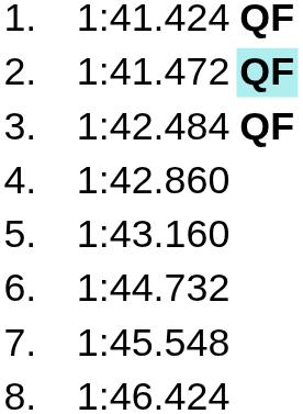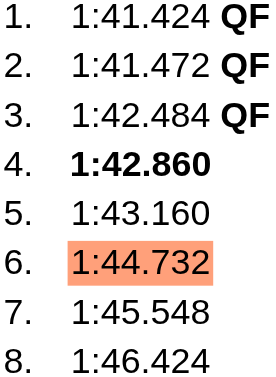 <table style="text-align:center">
 <tr>
 <td width=30>1.</td>
 <td align=left></td>
 <td width=60>1:41.424</td>
 <td><strong>QF</strong></td>
 </tr>
 <tr>
 <td>2.</td>
 <td align=left></td>
 <td>1:41.472</td>
-<td style="background: paleturquoise;"><strong>QF</strong></td>
+<td><strong>QF</strong></td>
 </tr>
 <tr>
 <td>3.</td>
 <td align=left></td>
 <td>1:42.484</td>
 <td><strong>QF</strong></td>
 </tr>
 <tr>
 <td>4.</td>
 <td align=left></td>
-<td>1:42.860</td>
+<td><strong>1:42.860</strong></td>
 </tr>
 <tr>
 <td>5.</td>
 <td align=left></td>
 <td>1:43.160</td>
 </tr>
 <tr>
 <td>6.</td>
 <td align=left></td>
-<td>1:44.732</td>
+<td style="background: lightsalmon;">1:44.732</td>
 </tr>
 <tr>
 <td>7.</td>
 <td align=left></td>
 <td>1:45.548</td>
 </tr>
 <tr>
 <td>8.</td>
 <td align=left></td>
 <td>1:46.424</td>
 </tr>
 </table>
